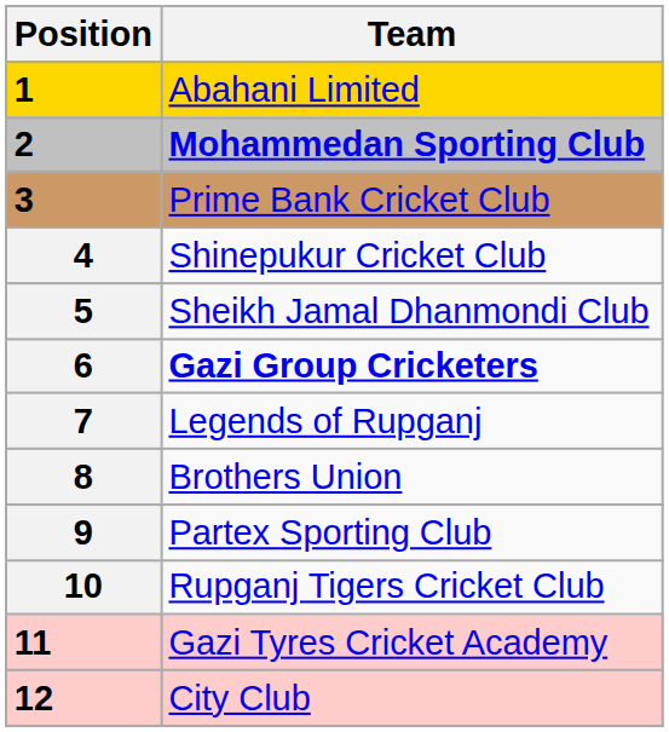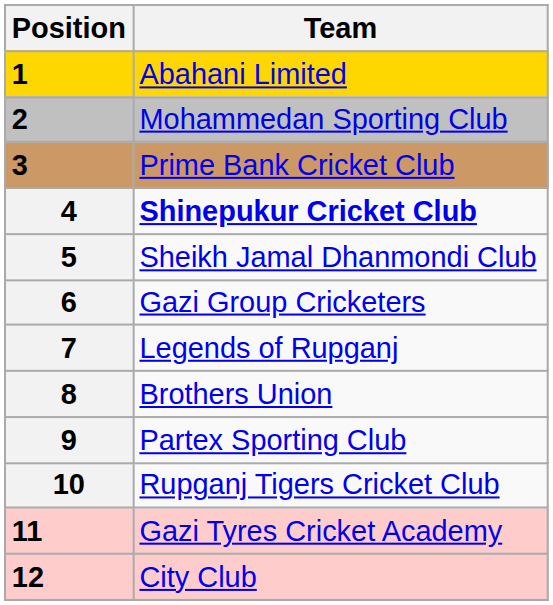 <table class="wikitable" style="font-size:90%" style="text-align:center">
 <tr>
 <th width=50>Position</th>
 <th width=200>Team</th>
 </tr>
 <tr style="background:gold;">
 <td style="background:gold;"><strong>1</strong></td>
 <td align=left><a href='#'>Abahani Limited</a></td>
 </tr>
 <tr style="background:silver;">
 <td style="background:silver;"><strong>2</strong></td>
-<td align=left><strong><a href='#'>Mohammedan Sporting Club</a></strong></td>
+<td align=left><a href='#'>Mohammedan Sporting Club</a></td>
 </tr>
 <tr bgcolor=#cc9966>
 <td bgcolor=#cc9966><strong>3</strong></td>
 <td align=left><a href='#'>Prime Bank Cricket Club</a></td>
 </tr>
 <tr>
 <th>4</th>
-<td align=left><a href='#'>Shinepukur Cricket Club</a></td>
+<td align=left><strong><a href='#'>Shinepukur Cricket Club</a></strong></td>
 </tr>
 <tr>
 <th>5</th>
 <td align=left><a href='#'>Sheikh Jamal Dhanmondi Club</a></td>
 </tr>
 <tr>
 <th>6</th>
-<td align=left><strong><a href='#'>Gazi Group Cricketers</a></strong></td>
+<td align=left><a href='#'>Gazi Group Cricketers</a></td>
 </tr>
 <tr>
 <th>7</th>
 <td align=left><a href='#'>Legends of Rupganj</a></td>
 </tr>
 <tr>
 <th>8</th>
 <td align=left><a href='#'>Brothers Union</a></td>
 </tr>
 <tr>
 <th>9</th>
 <td align=left><a href='#'>Partex Sporting Club</a></td>
 </tr>
 <tr>
 <th>10</th>
 <td align=left><a href='#'>Rupganj Tigers Cricket Club</a></td>
 </tr>
 <tr style="background:#fcc;">
 <td style="background:#fcc;"><strong>11</strong></td>
 <td align=left><a href='#'>Gazi Tyres Cricket Academy</a></td>
 </tr>
 <tr style="background:#fcc;">
 <td style="background:#fcc;"><strong>12</strong></td>
 <td align=left><a href='#'>City Club</a></td>
 </tr>
 <tr>
 </tr>
 </table>
